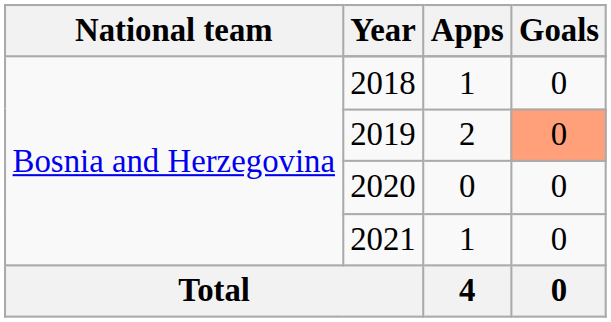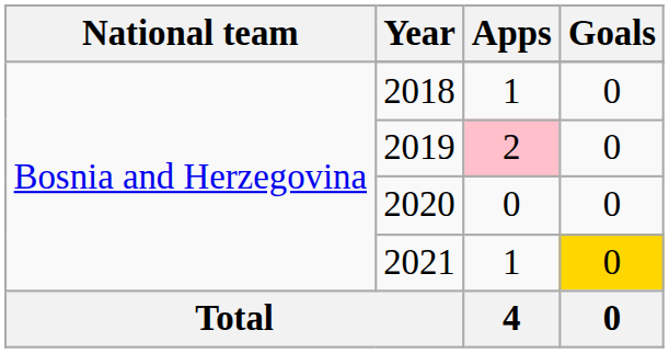 <table class="wikitable" style="text-align:center">
 <tr>
 <th>National team</th>
 <th>Year</th>
 <th>Apps</th>
 <th>Goals</th>
 </tr>
 <tr>
 <td rowspan=5><a href='#'>Bosnia and Herzegovina</a></td>
 </tr>
 <tr>
 <td>2018</td>
 <td>1</td>
 <td>0</td>
 </tr>
 <tr>
 <td>2019</td>
-<td>2</td>
-<td style="background: lightsalmon;">0</td>
+<td style="background: pink;">2</td>
+<td>0</td>
 </tr>
 <tr>
 <td>2020</td>
 <td>0</td>
 <td>0</td>
 </tr>
 <tr>
 <td>2021</td>
 <td>1</td>
-<td>0</td>
+<td style="background: gold;">0</td>
 </tr>
 <tr>
 <th colspan=2>Total</th>
 <th>4</th>
 <th>0</th>
 </tr>
 </table>
